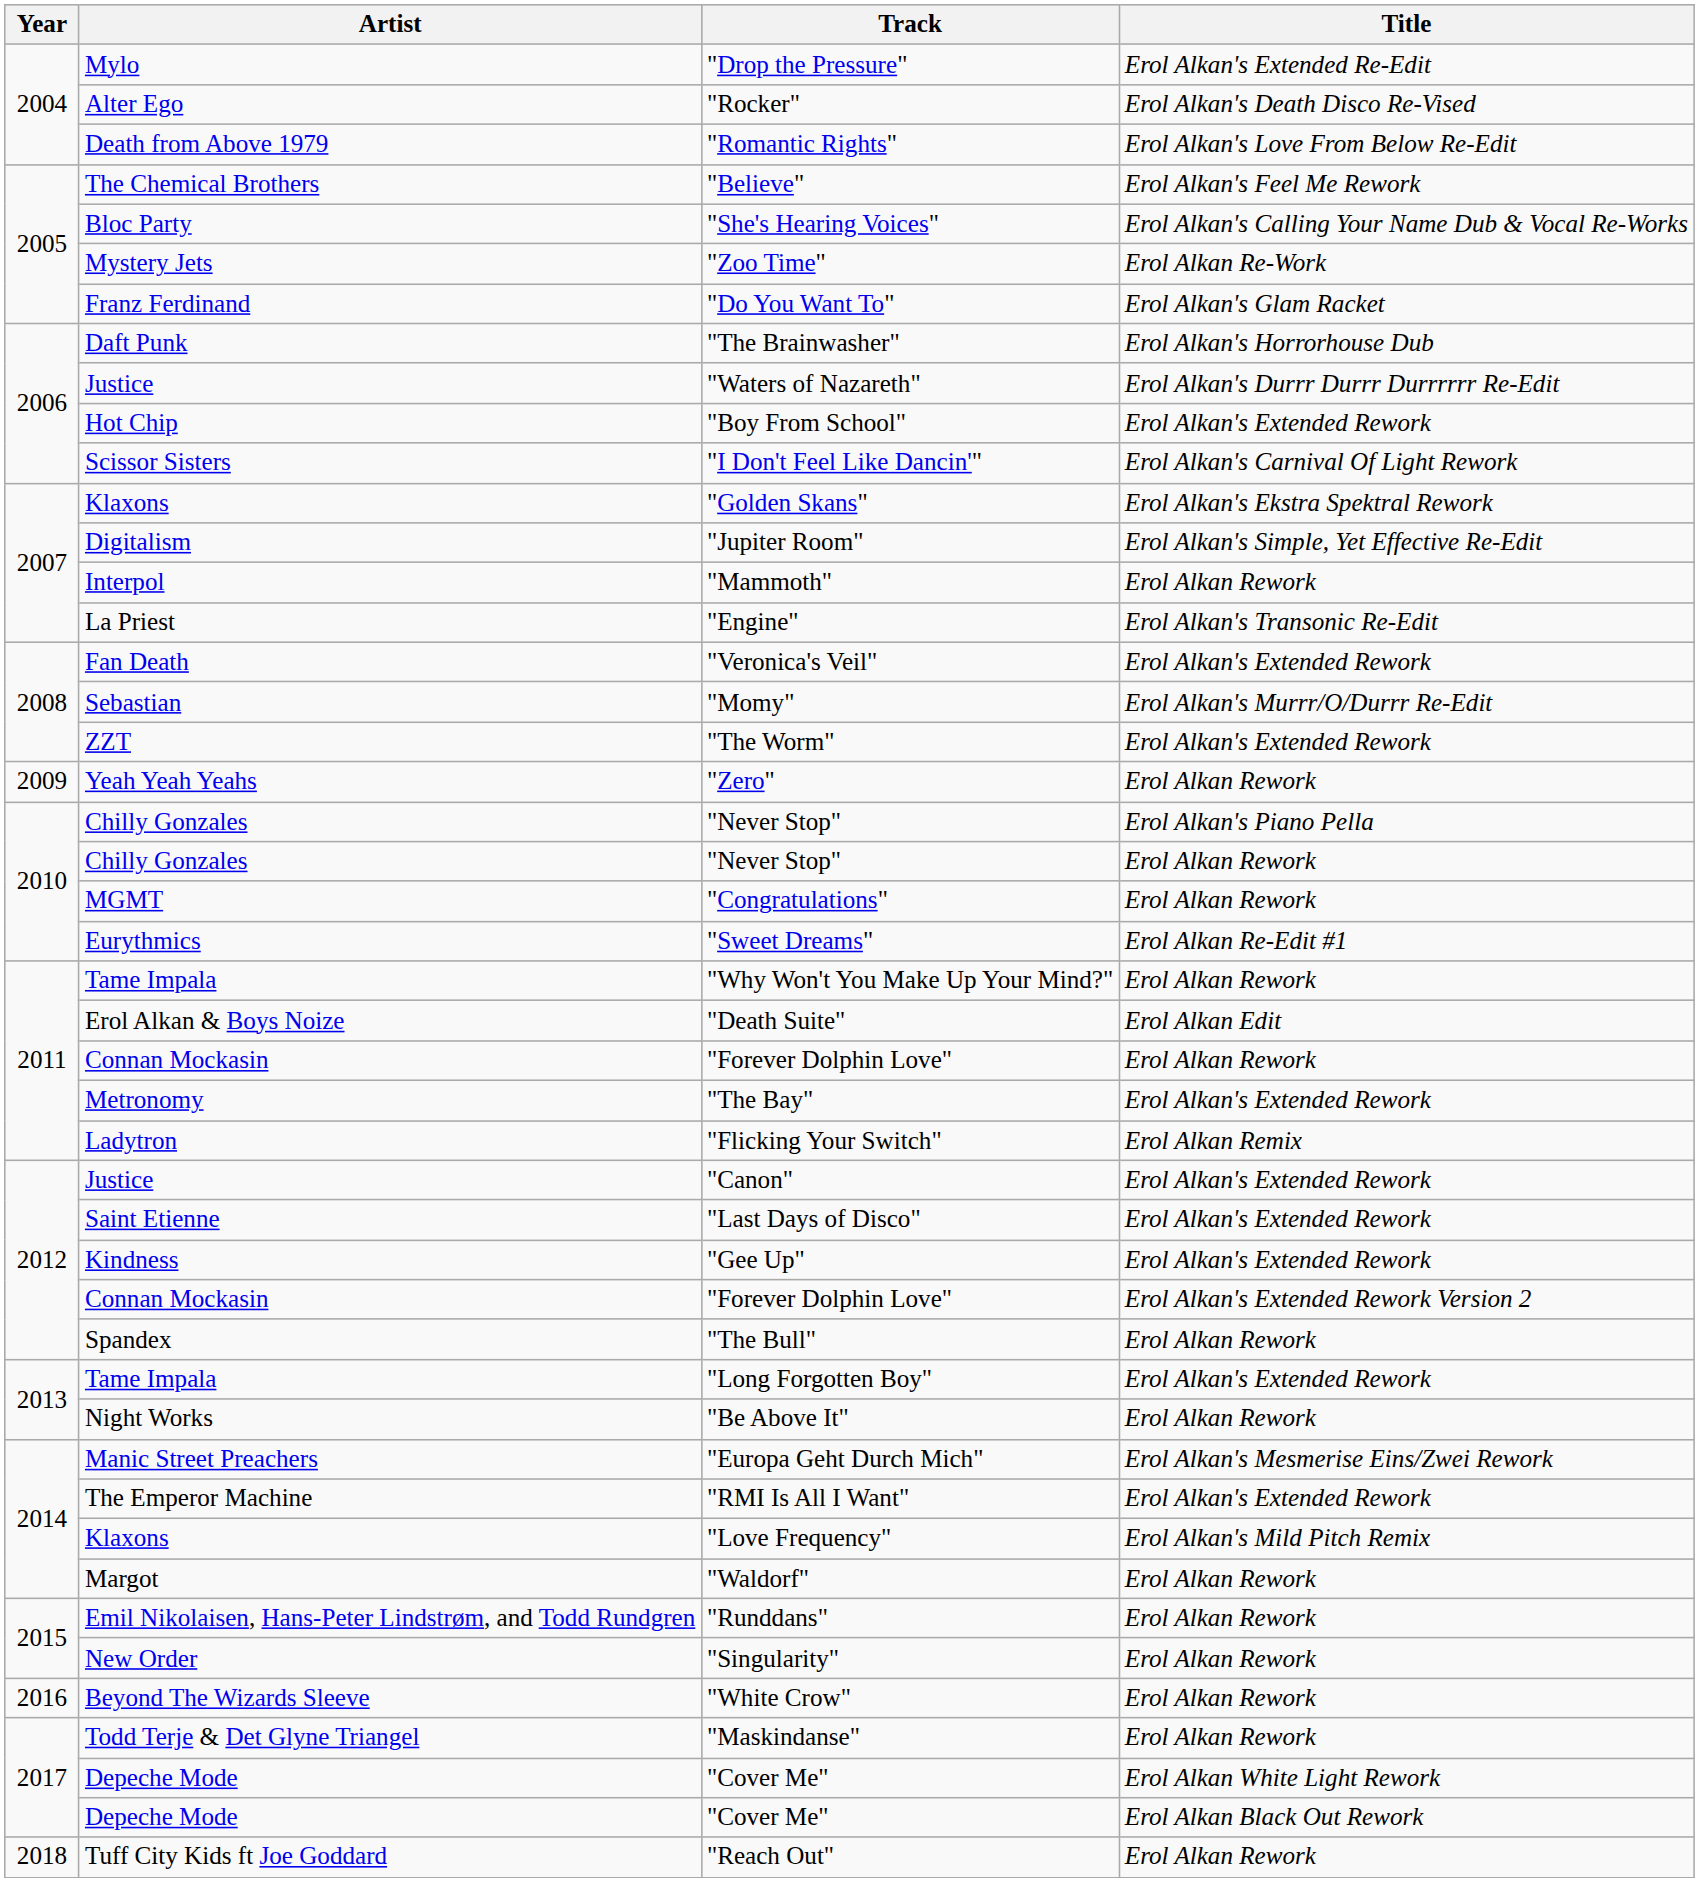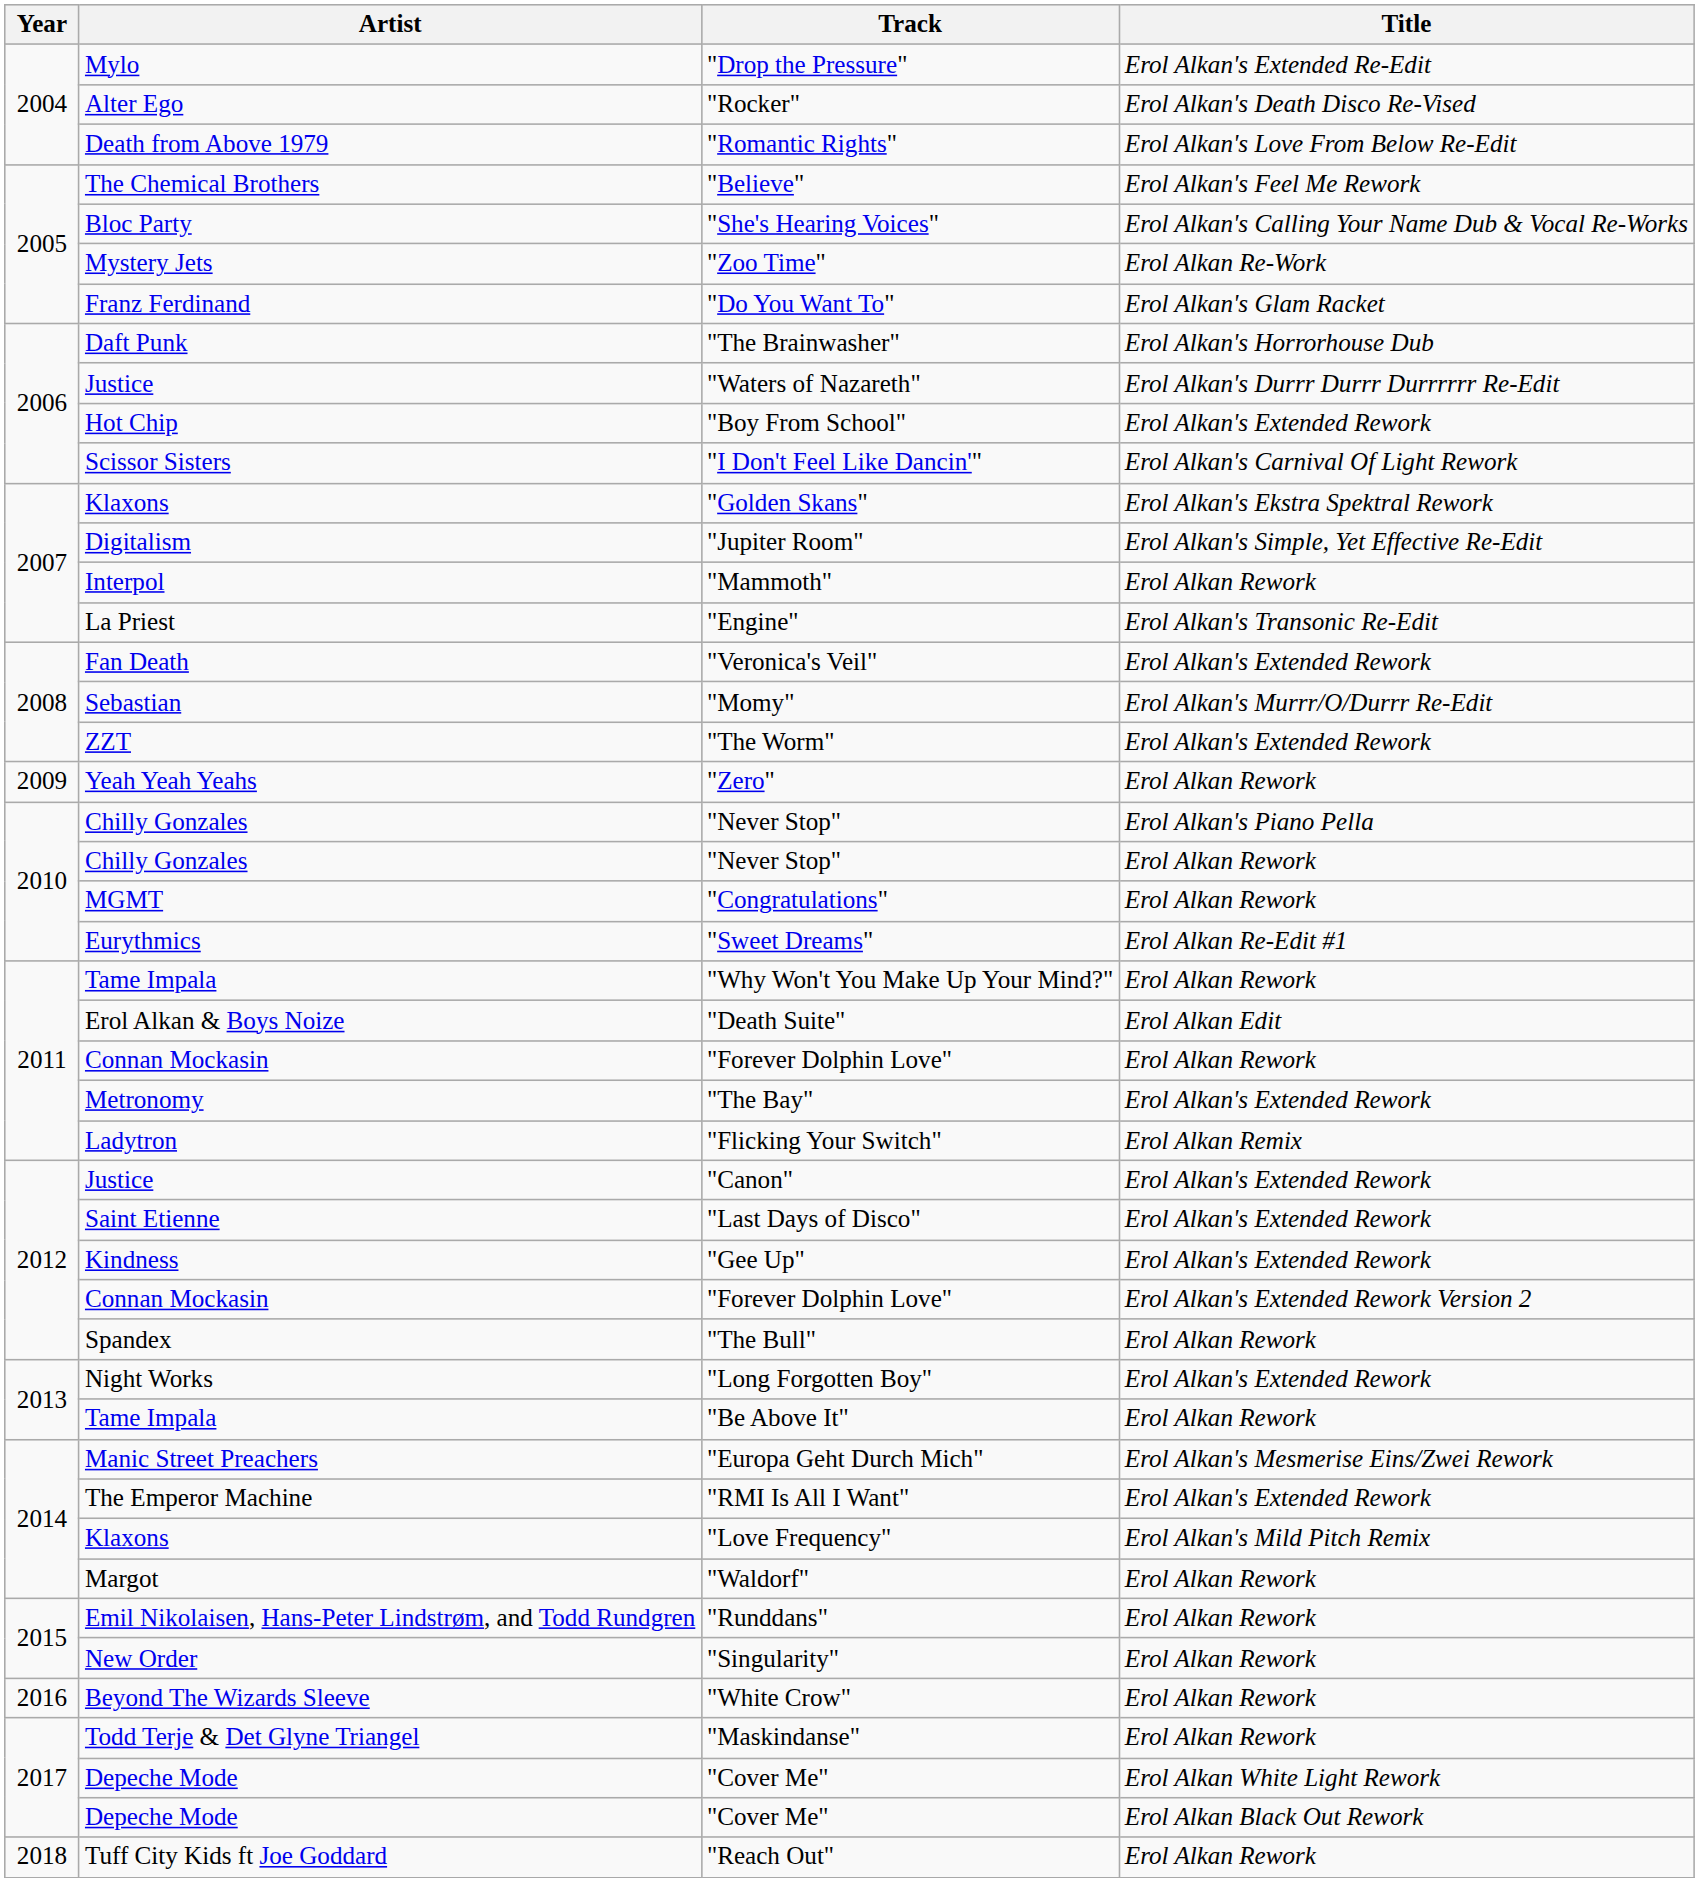 <table class="wikitable">
 <tr>
 <th style="width:40px;">Year</th>
 <th>Artist</th>
 <th>Track</th>
 <th>Title</th>
 </tr>
 <tr>
 <td align="center" rowspan="3">2004</td>
 <td><a href='#'>Mylo</a></td>
 <td>"<a href='#'>Drop the Pressure</a>"</td>
 <td><em>Erol Alkan's Extended Re-Edit</em></td>
 </tr>
 <tr>
 <td><a href='#'>Alter Ego</a></td>
 <td>"Rocker"</td>
 <td><em>Erol Alkan's Death Disco Re-Vised</em></td>
 </tr>
 <tr>
 <td><a href='#'>Death from Above 1979</a></td>
 <td>"<a href='#'>Romantic Rights</a>"</td>
 <td><em>Erol Alkan's Love From Below Re-Edit</em></td>
 </tr>
 <tr>
 <td align="center" rowspan="4">2005</td>
 <td><a href='#'>The Chemical Brothers</a></td>
 <td>"<a href='#'>Believe</a>"</td>
 <td><em>Erol Alkan's Feel Me Rework</em></td>
 </tr>
 <tr>
 <td><a href='#'>Bloc Party</a></td>
 <td>"<a href='#'>She's Hearing Voices</a>"</td>
 <td><em>Erol Alkan's Calling Your Name Dub & Vocal Re-Works</em></td>
 </tr>
 <tr>
 <td><a href='#'>Mystery Jets</a></td>
 <td>"<a href='#'>Zoo Time</a>"</td>
 <td><em>Erol Alkan Re-Work</em></td>
 </tr>
 <tr>
 <td><a href='#'>Franz Ferdinand</a></td>
 <td>"<a href='#'>Do You Want To</a>"</td>
 <td><em>Erol Alkan's Glam Racket</em></td>
 </tr>
 <tr>
 <td align="center" rowspan="4">2006</td>
 <td><a href='#'>Daft Punk</a></td>
 <td>"The Brainwasher"</td>
 <td><em>Erol Alkan's Horrorhouse Dub</em></td>
 </tr>
 <tr>
 <td><a href='#'>Justice</a></td>
 <td>"Waters of Nazareth"</td>
 <td><em>Erol Alkan's Durrr Durrr Durrrrrr Re-Edit</em></td>
 </tr>
 <tr>
 <td><a href='#'>Hot Chip</a></td>
 <td>"Boy From School"</td>
 <td><em>Erol Alkan's Extended Rework</em></td>
 </tr>
 <tr>
 <td><a href='#'>Scissor Sisters</a></td>
 <td>"<a href='#'>I Don't Feel Like Dancin'</a>"</td>
 <td><em>Erol Alkan's Carnival Of Light Rework</em></td>
 </tr>
 <tr>
 <td align="center" rowspan="4">2007</td>
 <td><a href='#'>Klaxons</a></td>
 <td>"<a href='#'>Golden Skans</a>" </td>
 <td><em>Erol Alkan's Ekstra Spektral Rework</em></td>
 </tr>
 <tr>
 <td><a href='#'>Digitalism</a></td>
 <td>"Jupiter Room"</td>
 <td><em>Erol Alkan's Simple, Yet Effective Re-Edit</em></td>
 </tr>
 <tr>
 <td><a href='#'>Interpol</a></td>
 <td>"Mammoth"</td>
 <td><em>Erol Alkan Rework</em></td>
 </tr>
 <tr>
 <td>La Priest</td>
 <td>"Engine"</td>
 <td><em>Erol Alkan's Transonic Re-Edit</em></td>
 </tr>
 <tr>
 <td align="center" rowspan="3">2008</td>
 <td><a href='#'>Fan Death</a></td>
 <td>"Veronica's Veil"</td>
 <td><em>Erol Alkan's Extended Rework</em></td>
 </tr>
 <tr>
 <td><a href='#'>Sebastian</a></td>
 <td>"Momy"</td>
 <td><em>Erol Alkan's Murrr/O/Durrr Re-Edit</em></td>
 </tr>
 <tr>
 <td><a href='#'>ZZT</a></td>
 <td>"The Worm"</td>
 <td><em>Erol Alkan's Extended Rework</em></td>
 </tr>
 <tr>
 <td align="center">2009</td>
 <td><a href='#'>Yeah Yeah Yeahs</a></td>
 <td>"<a href='#'>Zero</a>"</td>
 <td><em>Erol Alkan Rework</em></td>
 </tr>
 <tr>
 <td align="center" rowspan="4">2010</td>
 <td><a href='#'>Chilly Gonzales</a></td>
 <td>"Never Stop"</td>
 <td><em>Erol Alkan's Piano Pella</em></td>
 </tr>
 <tr>
 <td><a href='#'>Chilly Gonzales</a></td>
 <td>"Never Stop"</td>
 <td><em>Erol Alkan Rework</em></td>
 </tr>
 <tr>
 <td><a href='#'>MGMT</a></td>
 <td>"<a href='#'>Congratulations</a>"</td>
 <td><em>Erol Alkan Rework</em></td>
 </tr>
 <tr>
 <td><a href='#'>Eurythmics</a></td>
 <td>"<a href='#'>Sweet Dreams</a>"</td>
 <td><em>Erol Alkan Re-Edit #1</em></td>
 </tr>
 <tr>
 <td align="center" rowspan="5">2011</td>
 <td><a href='#'>Tame Impala</a></td>
 <td>"Why Won't You Make Up Your Mind?"</td>
 <td><em>Erol Alkan Rework</em></td>
 </tr>
 <tr>
 <td>Erol Alkan & <a href='#'>Boys Noize</a></td>
 <td>"Death Suite"</td>
 <td><em>Erol Alkan Edit</em></td>
 </tr>
 <tr>
 <td><a href='#'>Connan Mockasin</a></td>
 <td>"Forever Dolphin Love"</td>
 <td><em>Erol Alkan Rework</em></td>
 </tr>
 <tr>
 <td><a href='#'>Metronomy</a></td>
 <td>"The Bay"</td>
 <td><em>Erol Alkan's Extended Rework</em></td>
 </tr>
 <tr>
 <td><a href='#'>Ladytron</a></td>
 <td>"Flicking Your Switch"</td>
 <td><em>Erol Alkan Remix</em></td>
 </tr>
 <tr>
 <td align="center" rowspan="5">2012</td>
 <td><a href='#'>Justice</a></td>
 <td>"Canon"</td>
 <td><em>Erol Alkan's Extended Rework</em></td>
 </tr>
 <tr>
 <td><a href='#'>Saint Etienne</a></td>
 <td>"Last Days of Disco"</td>
 <td><em>Erol Alkan's Extended Rework</em></td>
 </tr>
 <tr>
 <td><a href='#'> Kindness</a></td>
 <td>"Gee Up"</td>
 <td><em>Erol Alkan's Extended Rework</em></td>
 </tr>
 <tr>
 <td><a href='#'>Connan Mockasin</a></td>
 <td>"Forever Dolphin Love"</td>
 <td><em>Erol Alkan's Extended Rework Version 2</em></td>
 </tr>
 <tr>
 <td>Spandex</td>
 <td>"The Bull"</td>
 <td><em>Erol Alkan Rework</em></td>
 </tr>
 <tr>
 <td align="center" rowspan="2">2013</td>
-<td><a href='#'>Tame Impala</a></td>
+<td>Night Works</td>
 <td>"Long Forgotten Boy"</td>
 <td><em>Erol Alkan's Extended Rework</em></td>
 </tr>
 <tr>
-<td>Night Works</td>
+<td><a href='#'>Tame Impala</a></td>
 <td>"Be Above It"</td>
 <td><em>Erol Alkan Rework</em></td>
 </tr>
 <tr>
 <td align="center" rowspan="4">2014</td>
 <td><a href='#'>Manic Street Preachers</a></td>
 <td>"Europa Geht Durch Mich"</td>
 <td><em>Erol Alkan's Mesmerise Eins/Zwei Rework</em></td>
 </tr>
 <tr>
 <td>The Emperor Machine</td>
 <td>"RMI Is All I Want"</td>
 <td><em>Erol Alkan's Extended Rework</em></td>
 </tr>
 <tr>
 <td><a href='#'>Klaxons</a></td>
 <td>"Love Frequency"</td>
 <td><em>Erol Alkan's Mild Pitch Remix</em></td>
 </tr>
 <tr>
 <td>Margot</td>
 <td>"Waldorf"</td>
 <td><em>Erol Alkan Rework</em></td>
 </tr>
 <tr>
 <td align="center" rowspan="2">2015</td>
 <td><a href='#'>Emil Nikolaisen</a>, <a href='#'>Hans-Peter Lindstrøm</a>, and <a href='#'>Todd Rundgren</a></td>
 <td>"Runddans"</td>
 <td><em>Erol Alkan Rework</em></td>
 </tr>
 <tr>
 <td><a href='#'>New Order</a></td>
 <td>"Singularity"</td>
 <td><em>Erol Alkan Rework</em></td>
 </tr>
 <tr>
 <td align="center" rowspan="1">2016</td>
 <td><a href='#'>Beyond The Wizards Sleeve</a></td>
 <td>"White Crow"</td>
 <td><em>Erol Alkan Rework</em></td>
 </tr>
 <tr>
 <td align="center" rowspan="3">2017</td>
 <td><a href='#'>Todd Terje</a> & <a href='#'>Det Glyne Triangel</a></td>
 <td>"Maskindanse"</td>
 <td><em>Erol Alkan Rework</em></td>
 </tr>
 <tr>
 <td><a href='#'>Depeche Mode</a></td>
 <td>"Cover Me"</td>
 <td><em>Erol Alkan White Light Rework</em></td>
 </tr>
 <tr>
 <td><a href='#'>Depeche Mode</a></td>
 <td>"Cover Me"</td>
 <td><em>Erol Alkan Black Out Rework</em></td>
 </tr>
 <tr>
 <td align="center" rowspan="3">2018</td>
 <td>Tuff City Kids ft <a href='#'>Joe Goddard</a></td>
 <td>"Reach Out"</td>
 <td><em>Erol Alkan Rework</em></td>
 </tr>
 <tr>
 </tr>
 </table>
